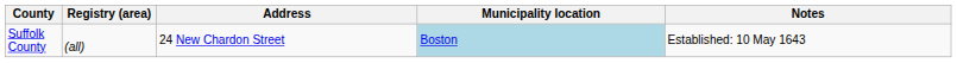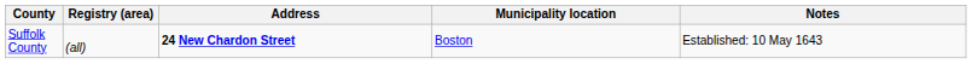 <table class="wikitable" width="100%">
 <tr>
 <th style="width:6%">County</th>
 <th style="width:10%">Registry (area)</th>
 <th>Address</th>
 <th>Municipality location</th>
 <th>Notes</th>
 </tr>
 <tr>
 <td><a href='#'>Suffolk County</a></td>
 <td><br><em>(all)</em></td>
-<td>24 <a href='#'>New Chardon Street</a></td>
-<td style="background: lightblue;"><a href='#'>Boston</a></td>
+<td><strong>24 <a href='#'>New Chardon Street</a></strong></td>
+<td><a href='#'>Boston</a></td>
 <td>Established: 10 May 1643</td>
 </tr>
 </table>
